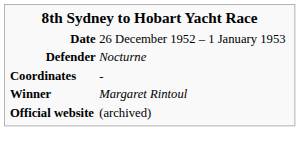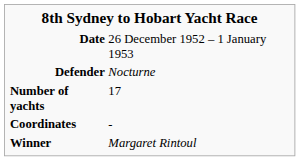 <table class="infobox" style="width: 23em; font-size: 90%">
 <tr>
 <th colspan="2" style="text-align: center; font-size: larger;"><strong>8th Sydney to Hobart Yacht Race</strong></th>
 </tr>
 <tr>
 <td style="text-align: right;"><strong>Date</strong></td>
 <td>26 December 1952 – 1 January 1953</td>
 </tr>
 <tr>
 <td style="text-align: right;"><strong>Defender</strong></td>
 <td><em>Nocturne</em></td>
 </tr>
 <tr>
+<td><strong>Number of yachts</strong></td>
+<td>17</td>
+</tr>
+<tr>
 <td><strong>Coordinates</strong></td>
 <td>-<br></td>
 </tr>
 <tr>
 <td><strong>Winner</strong></td>
 <td><em>Margaret Rintoul</em></td>
 </tr>
-<tr>
-<td><strong>Official website</strong></td>
-<td> (archived)</td>
-</tr>
 </table>
